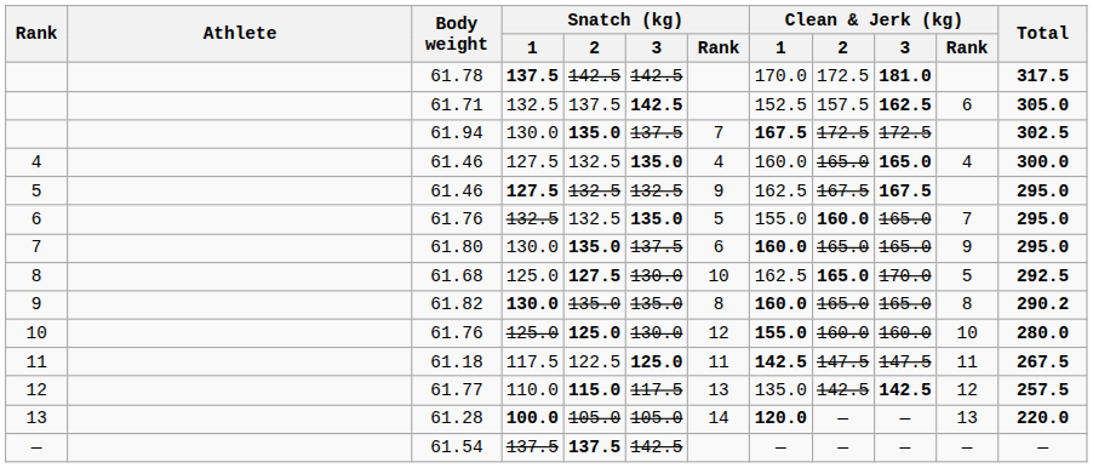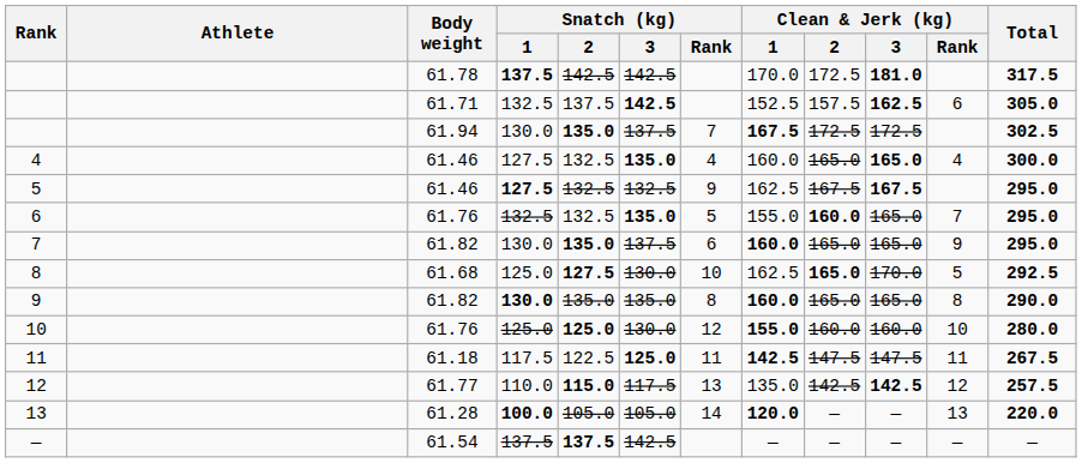 <table class = "wikitable" style="text-align:center;">
 <tr>
 <th rowspan=2 width=40>Rank</th>
 <th rowspan=2 width=250>Athlete</th>
 <th rowspan=2 width=60>Body weight</th>
 <th colspan=4>Snatch (kg)</th>
 <th colspan=4>Clean & Jerk (kg)</th>
 <th rowspan=2 width=60>Total</th>
 </tr>
 <tr>
 <th width=40>1</th>
 <th width=40>2</th>
 <th width=40>3</th>
 <th width=40>Rank</th>
 <th width=40>1</th>
 <th width=40>2</th>
 <th width=40>3</th>
 <th width=40>Rank</th>
 </tr>
 <tr>
 <td></td>
 <td align=left></td>
 <td>61.78</td>
 <td><strong>137.5</strong></td>
 <td><s>142.5 </s></td>
 <td><s>142.5 </s></td>
 <td></td>
 <td>170.0</td>
 <td>172.5</td>
 <td><strong>181.0</strong></td>
 <td></td>
 <td><strong>317.5</strong></td>
 </tr>
 <tr>
 <td></td>
 <td align=left></td>
 <td>61.71</td>
 <td>132.5</td>
 <td>137.5</td>
 <td><strong>142.5</strong></td>
 <td></td>
 <td>152.5</td>
 <td>157.5</td>
 <td><strong>162.5</strong></td>
 <td>6</td>
 <td><strong>305.0</strong></td>
 </tr>
 <tr>
 <td></td>
 <td align=left></td>
 <td>61.94</td>
 <td>130.0</td>
 <td><strong>135.0</strong></td>
 <td><s>137.5 </s></td>
 <td>7</td>
 <td><strong>167.5</strong></td>
 <td><s>172.5 </s></td>
 <td><s>172.5 </s></td>
 <td></td>
 <td><strong>302.5</strong></td>
 </tr>
 <tr>
 <td>4</td>
 <td align=left></td>
 <td>61.46</td>
 <td>127.5</td>
 <td>132.5</td>
 <td><strong>135.0</strong></td>
 <td>4</td>
 <td>160.0</td>
 <td><s>165.0 </s></td>
 <td><strong>165.0</strong></td>
 <td>4</td>
 <td><strong>300.0</strong></td>
 </tr>
 <tr>
 <td>5</td>
 <td align=left></td>
 <td>61.46</td>
 <td><strong>127.5</strong></td>
 <td><s>132.5 </s></td>
 <td><s>132.5 </s></td>
 <td>9</td>
 <td>162.5</td>
 <td><s>167.5 </s></td>
 <td><strong>167.5</strong></td>
 <td></td>
 <td><strong>295.0</strong></td>
 </tr>
 <tr>
 <td>6</td>
 <td align=left></td>
 <td>61.76</td>
 <td><s>132.5 </s></td>
 <td>132.5</td>
 <td><strong>135.0</strong></td>
 <td>5</td>
 <td>155.0</td>
 <td><strong>160.0</strong></td>
 <td><s>165.0 </s></td>
 <td>7</td>
 <td><strong>295.0</strong></td>
 </tr>
 <tr>
 <td>7</td>
 <td align=left></td>
-<td>61.80</td>
+<td>61.82</td>
 <td>130.0</td>
 <td><strong>135.0</strong></td>
 <td><s>137.5 </s></td>
 <td>6</td>
 <td><strong>160.0</strong></td>
 <td><s>165.0 </s></td>
 <td><s>165.0 </s></td>
 <td>9</td>
 <td><strong>295.0</strong></td>
 </tr>
 <tr>
 <td>8</td>
 <td align=left></td>
 <td>61.68</td>
 <td>125.0</td>
 <td><strong>127.5</strong></td>
 <td><s>130.0 </s></td>
 <td>10</td>
 <td>162.5</td>
 <td><strong>165.0</strong></td>
 <td><s>170.0 </s></td>
 <td>5</td>
 <td><strong>292.5</strong></td>
 </tr>
 <tr>
 <td>9</td>
 <td align=left></td>
 <td>61.82</td>
 <td><strong>130.0</strong></td>
 <td><s>135.0 </s></td>
 <td><s>135.0 </s></td>
 <td>8</td>
 <td><strong>160.0</strong></td>
 <td><s>165.0 </s></td>
 <td><s>165.0 </s></td>
 <td>8</td>
-<td><strong>290.2</strong></td>
+<td><strong>290.0</strong></td>
 </tr>
 <tr>
 <td>10</td>
 <td align=left></td>
 <td>61.76</td>
 <td><s>125.0 </s></td>
 <td><strong>125.0</strong></td>
 <td><s>130.0 </s></td>
 <td>12</td>
 <td><strong>155.0</strong></td>
 <td><s>160.0 </s></td>
 <td><s>160.0 </s></td>
 <td>10</td>
 <td><strong>280.0</strong></td>
 </tr>
 <tr>
 <td>11</td>
 <td align=left></td>
 <td>61.18</td>
 <td>117.5</td>
 <td>122.5</td>
 <td><strong>125.0</strong></td>
 <td>11</td>
 <td><strong>142.5</strong></td>
 <td><s>147.5 </s></td>
 <td><s>147.5 </s></td>
 <td>11</td>
 <td><strong>267.5</strong></td>
 </tr>
 <tr>
 <td>12</td>
 <td align=left></td>
 <td>61.77</td>
 <td>110.0</td>
 <td><strong>115.0</strong></td>
 <td><s>117.5 </s></td>
 <td>13</td>
 <td>135.0</td>
 <td><s>142.5 </s></td>
 <td><strong>142.5</strong></td>
 <td>12</td>
 <td><strong>257.5</strong></td>
 </tr>
 <tr>
 <td>13</td>
 <td align=left></td>
 <td>61.28</td>
 <td><strong>100.0</strong></td>
 <td><s>105.0 </s></td>
 <td><s>105.0 </s></td>
 <td>14</td>
 <td><strong>120.0</strong></td>
 <td>—</td>
 <td>—</td>
 <td>13</td>
 <td><strong>220.0</strong></td>
 </tr>
 <tr>
 <td>—</td>
 <td align=left></td>
 <td>61.54</td>
 <td><s>137.5 </s></td>
 <td><strong>137.5</strong></td>
 <td><s>142.5 </s></td>
 <td></td>
 <td>—</td>
 <td>—</td>
 <td>—</td>
 <td>—</td>
 <td>—</td>
 </tr>
 </table>
